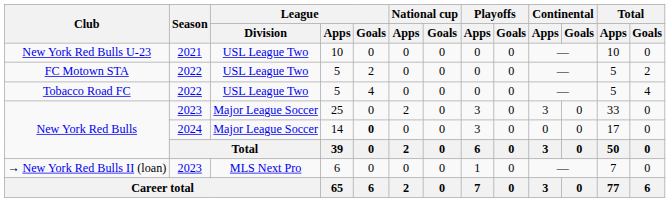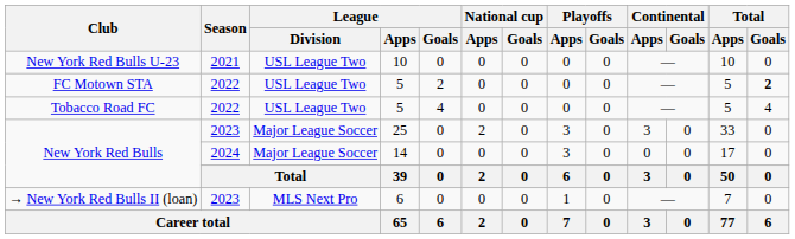 <table class=wikitable style=text-align:center>
 <tr>
 <th rowspan=2>Club</th>
 <th rowspan=2>Season</th>
 <th colspan=3>League</th>
 <th colspan=2>National cup</th>
 <th colspan=2>Playoffs</th>
 <th colspan=2>Continental</th>
 <th colspan=2>Total</th>
 </tr>
 <tr>
 <th>Division</th>
 <th>Apps</th>
 <th>Goals</th>
 <th>Apps</th>
 <th>Goals</th>
 <th>Apps</th>
 <th>Goals</th>
 <th>Apps</th>
 <th>Goals</th>
 <th>Apps</th>
 <th>Goals</th>
 </tr>
 <tr>
 <td rowspan=1><a href='#'>New York Red Bulls U-23</a></td>
 <td><a href='#'>2021</a></td>
 <td><a href='#'>USL League Two</a></td>
 <td>10</td>
 <td>0</td>
 <td>0</td>
 <td>0</td>
 <td>0</td>
 <td>0</td>
 <td colspan=2>—</td>
 <td>10</td>
 <td>0</td>
 </tr>
 <tr>
 <td rowspan=1><a href='#'>FC Motown STA</a></td>
 <td><a href='#'>2022</a></td>
 <td><a href='#'>USL League Two</a></td>
 <td>5</td>
 <td>2</td>
 <td>0</td>
 <td>0</td>
 <td>0</td>
 <td>0</td>
 <td colspan=2>—</td>
 <td>5</td>
-<td>2</td>
+<td><strong>2</strong></td>
 </tr>
 <tr>
 <td rowspan=1><a href='#'>Tobacco Road FC</a></td>
 <td><a href='#'>2022</a></td>
 <td><a href='#'>USL League Two</a></td>
 <td>5</td>
 <td>4</td>
 <td>0</td>
 <td>0</td>
 <td>0</td>
 <td>0</td>
 <td colspan=2>—</td>
 <td>5</td>
 <td>4</td>
 </tr>
 <tr>
 <td rowspan=3><a href='#'>New York Red Bulls</a></td>
 <td><a href='#'>2023</a></td>
 <td><a href='#'>Major League Soccer</a></td>
 <td>25</td>
 <td>0</td>
 <td>2</td>
 <td>0</td>
 <td>3</td>
 <td>0</td>
 <td>3</td>
 <td>0</td>
 <td>33</td>
 <td>0</td>
 </tr>
 <tr>
 <td><a href='#'>2024</a></td>
 <td><a href='#'>Major League Soccer</a></td>
 <td>14</td>
-<td><strong>0</strong></td>
+<td>0</td>
 <td>0</td>
 <td>0</td>
 <td>3</td>
 <td>0</td>
 <td>0</td>
 <td>0</td>
 <td>17</td>
 <td>0</td>
 </tr>
 <tr>
 <th colspan="2">Total</th>
 <th>39</th>
 <th>0</th>
 <th>2</th>
 <th>0</th>
 <th>6</th>
 <th>0</th>
 <th>3</th>
 <th>0</th>
 <th>50</th>
 <th>0</th>
 </tr>
 <tr>
 <td rowspan=1>→ <a href='#'>New York Red Bulls II</a> (loan)</td>
 <td><a href='#'>2023</a></td>
 <td><a href='#'>MLS Next Pro</a></td>
 <td>6</td>
 <td>0</td>
 <td>0</td>
 <td>0</td>
 <td>1</td>
 <td>0</td>
 <td colspan=2>—</td>
 <td>7</td>
 <td>0</td>
 </tr>
 <tr>
 <th colspan="3">Career total</th>
 <th>65</th>
 <th>6</th>
 <th>2</th>
 <th>0</th>
 <th>7</th>
 <th>0</th>
 <th>3</th>
 <th>0</th>
 <th>77</th>
 <th>6</th>
 </tr>
 </table>
